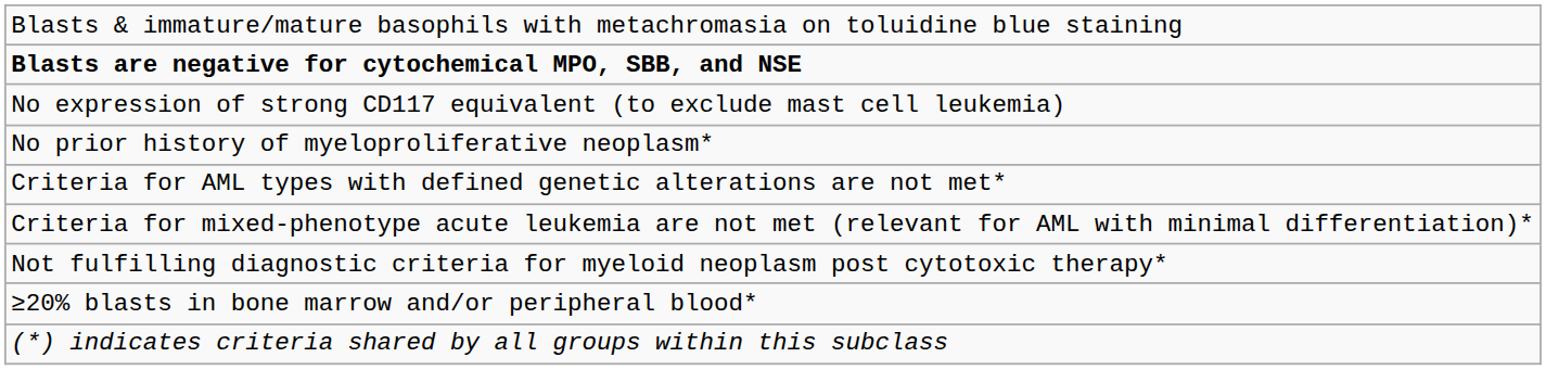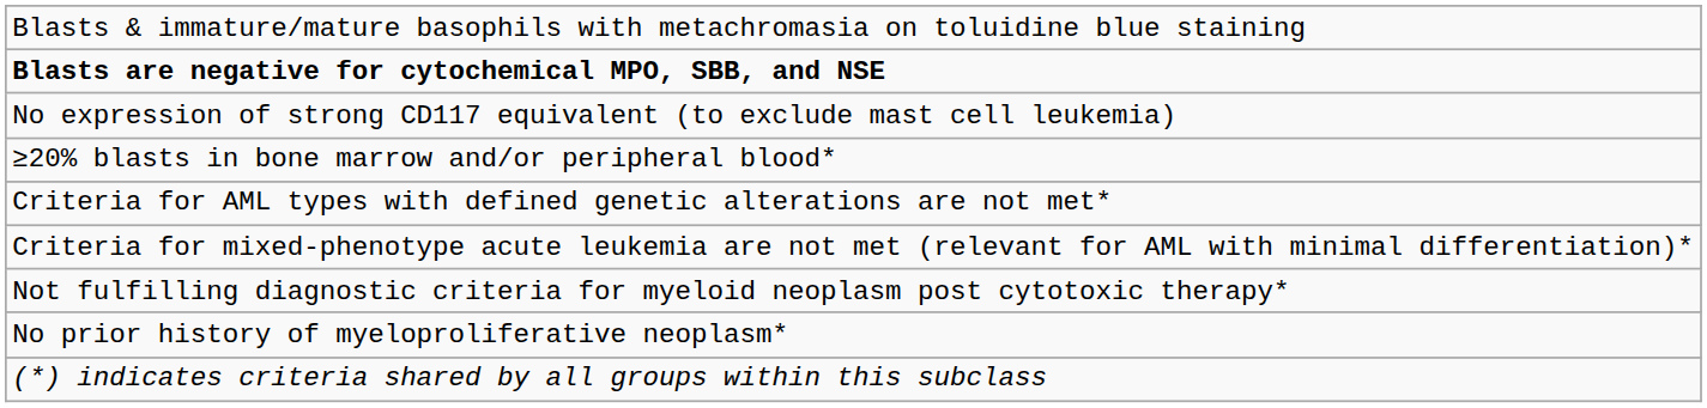 <table class="wikitable sortable">
 <tr>
 <td colspan="1" rowspan="1">Blasts & immature/mature basophils with metachromasia on toluidine blue staining</td>
 </tr>
 <tr>
 <td colspan="1" rowspan="1"><strong>Blasts are negative for cytochemical MPO, SBB, and NSE</strong></td>
 </tr>
 <tr>
 <td colspan="1" rowspan="1">No expression of strong CD117 equivalent (to exclude mast cell leukemia)</td>
 </tr>
 <tr>
-<td>No prior history of myeloproliferative neoplasm*</td>
+<td>≥20% blasts in bone marrow and/or peripheral blood*</td>
 </tr>
 <tr>
 <td>Criteria for AML types with defined genetic alterations are not met*</td>
 </tr>
 <tr>
 <td>Criteria for mixed-phenotype acute leukemia are not met (relevant for AML with minimal differentiation)*</td>
 </tr>
 <tr>
 <td>Not fulfilling diagnostic criteria for myeloid neoplasm post cytotoxic therapy*</td>
 </tr>
 <tr>
-<td>≥20% blasts in bone marrow and/or peripheral blood*</td>
+<td>No prior history of myeloproliferative neoplasm*</td>
 </tr>
 <tr>
 <td><em>(*) indicates criteria shared by all groups within this subclass</em></td>
 </tr>
 </table>
